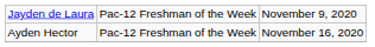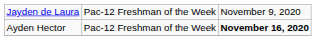 <table class="wikitable">
 <tr>
 <td><a href='#'>Jayden de Laura</a></td>
 <td>Pac-12 Freshman of the Week</td>
 <td>November 9, 2020</td>
 </tr>
 <tr>
 <td>Ayden Hector</td>
 <td>Pac-12 Freshman of the Week</td>
-<td>November 16, 2020</td>
+<td><strong>November 16, 2020</strong></td>
 </tr>
 <tr>
 </tr>
 </table>
